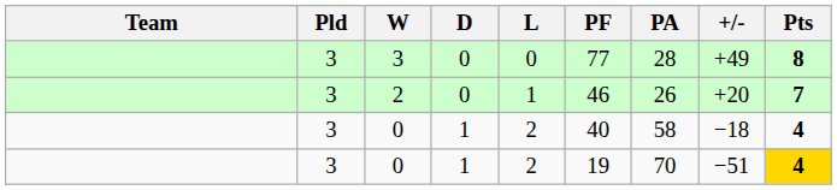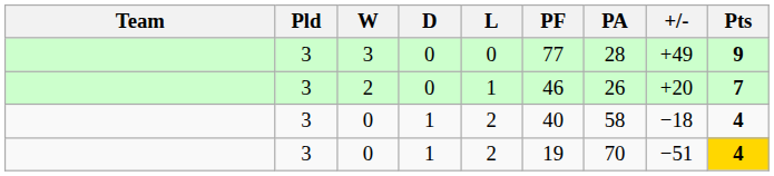 <table class="wikitable" style="text-align: center;">
 <tr>
 <th width="200">Team</th>
 <th width="40">Pld</th>
 <th width="40">W</th>
 <th width="40">D</th>
 <th width="40">L</th>
 <th width="40">PF</th>
 <th width="40">PA</th>
 <th width="40">+/-</th>
 <th width="40">Pts</th>
 </tr>
 <tr style="background-color:#ccffcc">
 <td style="text-align:left;"></td>
 <td>3</td>
 <td>3</td>
 <td>0</td>
 <td>0</td>
 <td>77</td>
 <td>28</td>
 <td>+49</td>
-<td><strong>8</strong></td>
+<td><strong>9</strong></td>
 </tr>
 <tr style="background-color:#ccffcc">
 <td style="text-align:left;"></td>
 <td>3</td>
 <td>2</td>
 <td>0</td>
 <td>1</td>
 <td>46</td>
 <td>26</td>
 <td>+20</td>
 <td><strong>7</strong></td>
 </tr>
 <tr>
 <td style="text-align:left;"></td>
 <td>3</td>
 <td>0</td>
 <td>1</td>
 <td>2</td>
 <td>40</td>
 <td>58</td>
 <td>−18</td>
 <td><strong>4</strong></td>
 </tr>
 <tr>
 <td style="text-align:left;"></td>
 <td>3</td>
 <td>0</td>
 <td>1</td>
 <td>2</td>
 <td>19</td>
 <td>70</td>
 <td>−51</td>
 <td style="background: gold;"><strong>4</strong></td>
 </tr>
 </table>
